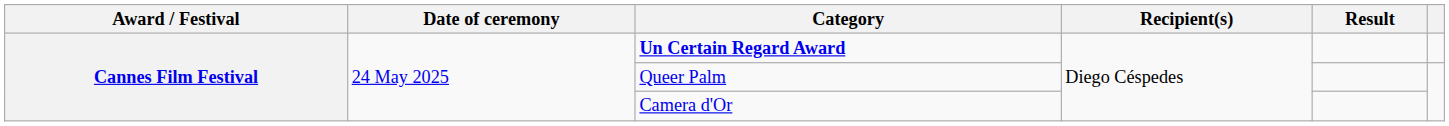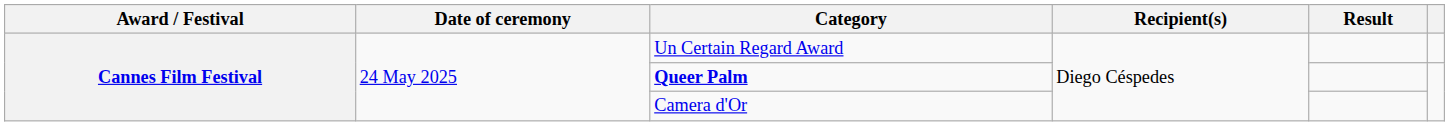 <table class="wikitable sortable plainrowheaders" style="width: 100%;">
 <tr>
 <th scope="col">Award / Festival</th>
 <th scope="col">Date of ceremony</th>
 <th scope="col">Category</th>
 <th scope="col">Recipient(s)</th>
 <th scope="col">Result</th>
 <th scope="col" class="unsortable"></th>
 </tr>
 <tr>
 <th rowspan="3" scope="row"><a href='#'>Cannes Film Festival</a></th>
 <td rowspan="3"><a href='#'>24 May 2025</a></td>
-<td><strong><a href='#'>Un Certain Regard Award</a></strong></td>
+<td><a href='#'>Un Certain Regard Award</a></td>
 <td rowspan="3">Diego Céspedes</td>
 <td></td>
 <td align="center"></td>
 </tr>
 <tr>
-<td><a href='#'>Queer Palm</a></td>
+<td><strong><a href='#'>Queer Palm</a></strong></td>
 <td></td>
 <td align="center" rowspan="2"></td>
 </tr>
 <tr>
 <td><a href='#'>Camera d'Or</a></td>
 <td></td>
 </tr>
 </table>
